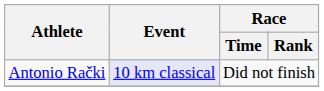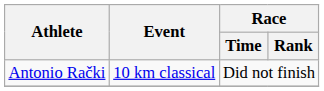 <table class="wikitable" style="font-size:90%">
 <tr>
 <th rowspan="2">Athlete</th>
 <th rowspan="2">Event</th>
 <th colspan="2">Race</th>
 </tr>
 <tr>
 <th>Time</th>
 <th>Rank</th>
 </tr>
 <tr align="center">
 <td align="left"><a href='#'>Antonio Rački</a></td>
-<td align="left" style="background: lavender;"><a href='#'>10 km classical</a></td>
+<td align="left"><a href='#'>10 km classical</a></td>
 <td colspan=2>Did not finish</td>
 </tr>
 <tr align="center">
 </tr>
 </table>
